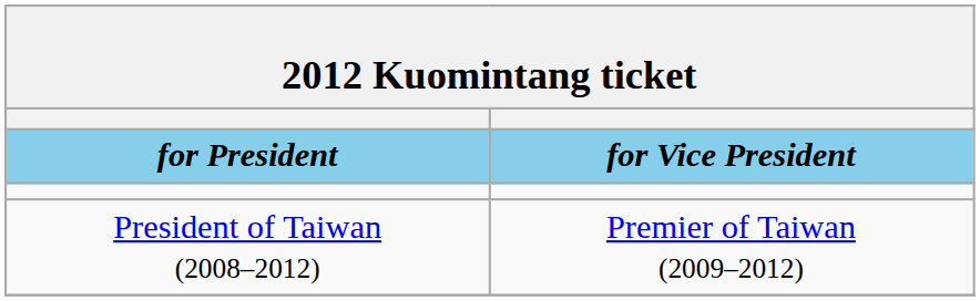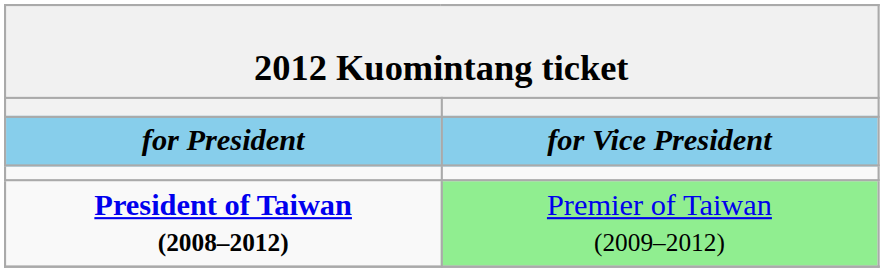 <table class="wikitable" style="font-size:90%; text-align:center;">
 <tr>
 <td colspan="28" style="background:#f1f1f1;"><br><big><strong>2012 Kuomintang ticket</strong></big></td>
 </tr>
 <tr>
 <th style="width:3em; font-size:135%; background:"></th>
 <th style="width:3em; font-size:135%; background:"></th>
 </tr>
 <tr style="color:#000; font-size:100%; background:skyblue;">
 <td style="width:3em; width:200px;"><strong><em>for President</em></strong></td>
 <td style="width:3em; width:200px;"><strong><em>for Vice President</em></strong></td>
 </tr>
 <tr>
 <td></td>
 <td></td>
 </tr>
 <tr>
-<td><a href='#'>President of Taiwan</a><br><small>(2008–2012)</small></td>
-<td><a href='#'>Premier of Taiwan</a><br><small>(2009–2012)</small></td>
+<td><strong><a href='#'>President of Taiwan</a><br><small>(2008–2012)</small></strong></td>
+<td style="background: lightgreen;"><a href='#'>Premier of Taiwan</a><br><small>(2009–2012)</small></td>
 </tr>
 <tr>
 </tr>
 </table>
